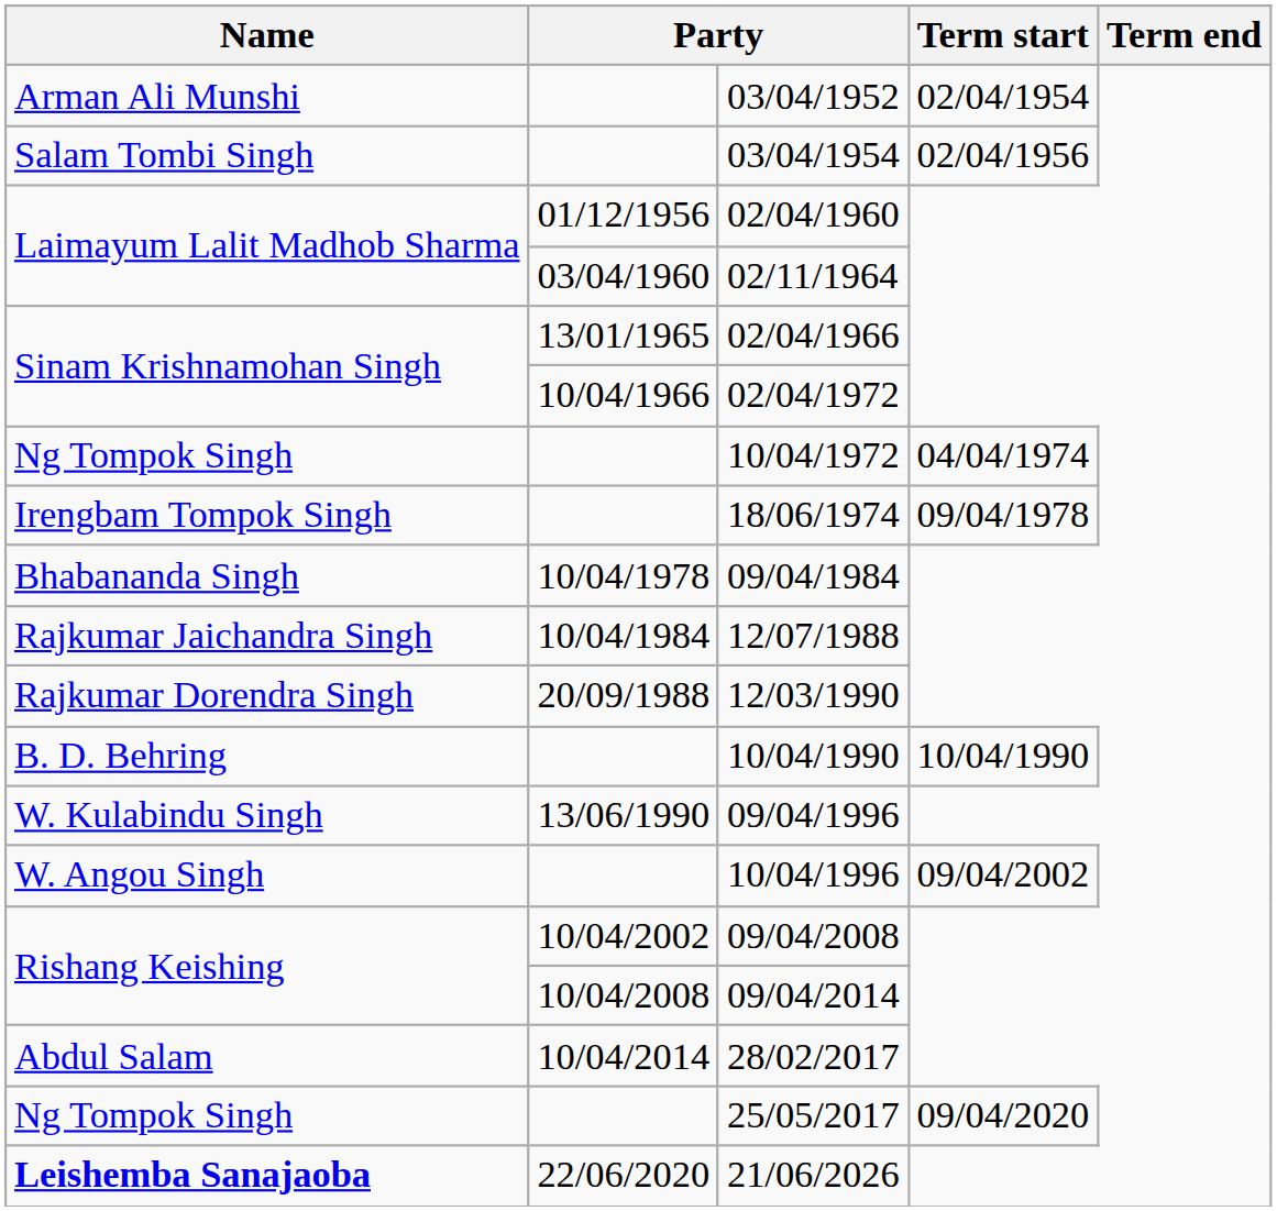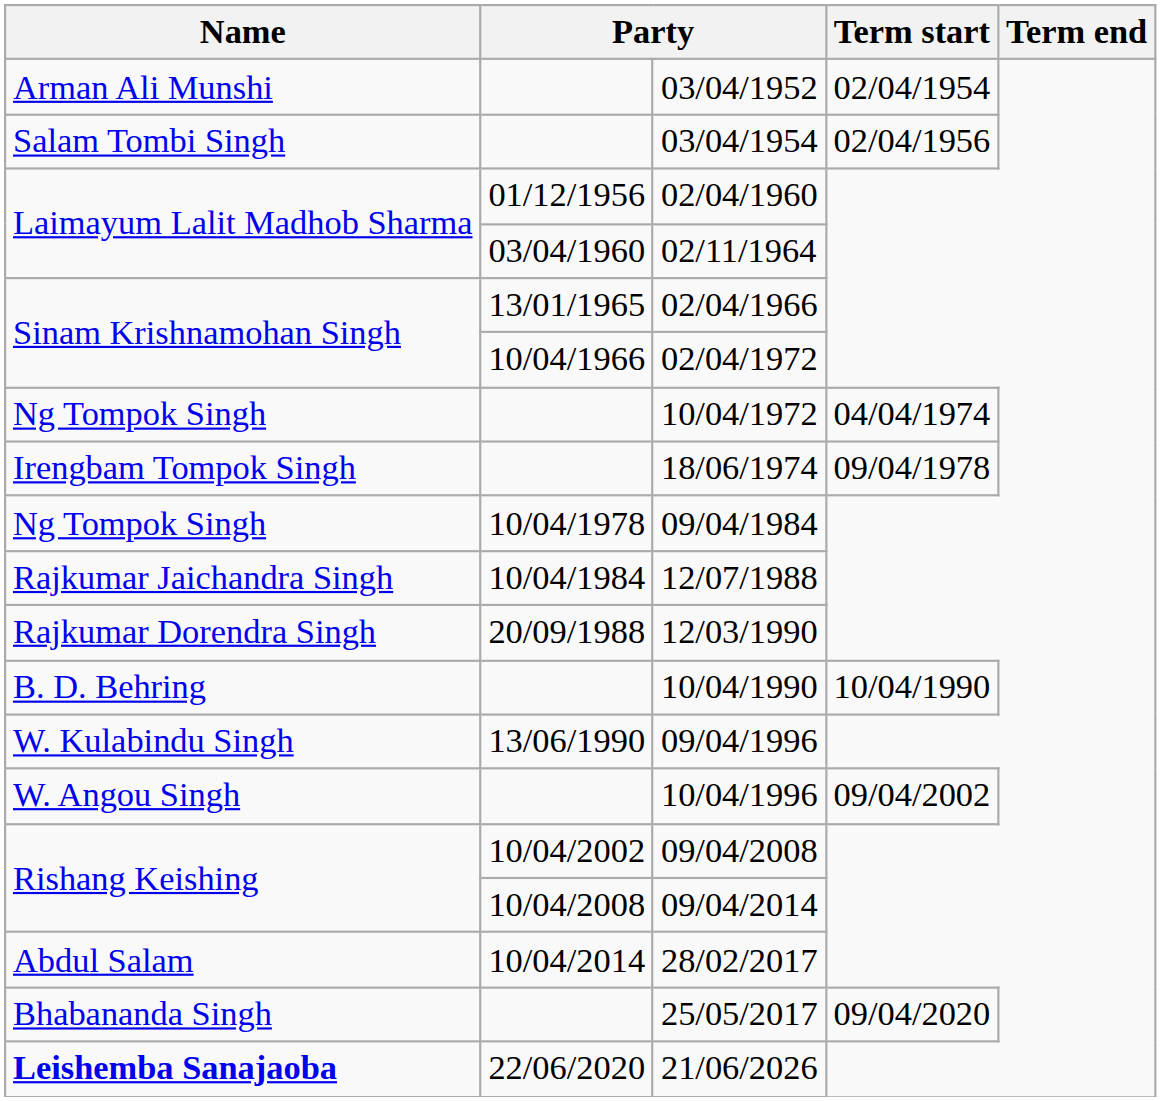 <table class="wikitable sortable">
 <tr>
 <th>Name</th>
 <th colspan=2>Party</th>
 <th>Term start</th>
 <th>Term end</th>
 </tr>
 <tr>
 <td><a href='#'>Arman Ali Munshi</a></td>
 <td></td>
 <td>03/04/1952</td>
 <td>02/04/1954</td>
 </tr>
 <tr>
 <td><a href='#'>Salam Tombi Singh</a></td>
 <td></td>
 <td>03/04/1954</td>
 <td>02/04/1956</td>
 </tr>
 <tr>
 <td rowspan=2><a href='#'>Laimayum Lalit Madhob Sharma</a></td>
 <td>01/12/1956</td>
 <td>02/04/1960</td>
 </tr>
 <tr>
 <td>03/04/1960</td>
 <td>02/11/1964</td>
 </tr>
 <tr>
 <td rowspan=2><a href='#'>Sinam Krishnamohan Singh</a></td>
 <td>13/01/1965</td>
 <td>02/04/1966</td>
 </tr>
 <tr>
 <td>10/04/1966</td>
 <td>02/04/1972</td>
 </tr>
 <tr>
 <td><a href='#'>Ng Tompok Singh</a></td>
 <td></td>
 <td>10/04/1972</td>
 <td>04/04/1974</td>
 </tr>
 <tr>
 <td><a href='#'>Irengbam Tompok Singh</a></td>
 <td></td>
 <td>18/06/1974</td>
 <td>09/04/1978</td>
 </tr>
 <tr>
-<td><a href='#'>Bhabananda Singh</a></td>
+<td><a href='#'>Ng Tompok Singh</a></td>
 <td>10/04/1978</td>
 <td>09/04/1984</td>
 </tr>
 <tr>
 <td><a href='#'>Rajkumar Jaichandra Singh</a></td>
 <td>10/04/1984</td>
 <td>12/07/1988</td>
 </tr>
 <tr>
 <td><a href='#'>Rajkumar Dorendra Singh</a></td>
 <td>20/09/1988</td>
 <td>12/03/1990</td>
 </tr>
 <tr>
 <td><a href='#'>B. D. Behring</a></td>
 <td></td>
 <td>10/04/1990</td>
 <td>10/04/1990</td>
 </tr>
 <tr>
 <td><a href='#'>W. Kulabindu Singh</a></td>
 <td>13/06/1990</td>
 <td>09/04/1996</td>
 </tr>
 <tr>
 <td><a href='#'>W. Angou Singh</a></td>
 <td></td>
 <td>10/04/1996</td>
 <td>09/04/2002</td>
 </tr>
 <tr>
 <td rowspan=2><a href='#'>Rishang Keishing</a></td>
 <td>10/04/2002</td>
 <td>09/04/2008</td>
 </tr>
 <tr>
 <td>10/04/2008</td>
 <td>09/04/2014</td>
 </tr>
 <tr>
 <td><a href='#'>Abdul Salam</a></td>
 <td>10/04/2014</td>
 <td>28/02/2017</td>
 </tr>
 <tr>
-<td><a href='#'>Ng Tompok Singh</a></td>
+<td><a href='#'>Bhabananda Singh</a></td>
 <td></td>
 <td>25/05/2017</td>
 <td>09/04/2020</td>
 </tr>
 <tr>
 <td><strong><a href='#'>Leishemba Sanajaoba</a></strong></td>
 <td>22/06/2020</td>
 <td>21/06/2026</td>
 </tr>
 <tr>
 </tr>
 </table>
